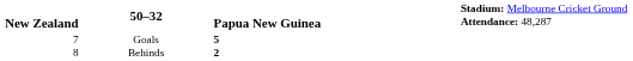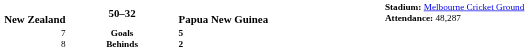 <table style="width: 100%; background: transparent;" cellspacing="0">
 <tr>
 <td align=center valign=top rowspan=3 width=15%></td>
 </tr>
 <tr>
 <td width=24% align=right><br><strong>New Zealand</strong></td>
 <td align=center width=13%><strong>50–32</strong></td>
 <td width=24%><br><strong>Papua New Guinea</strong></td>
 <td style=font-size:85% rowspan=2 valign=top><strong>Stadium:</strong> <a href='#'>Melbourne Cricket Ground</a><br> <strong>Attendance:</strong> 48,287</td>
 </tr>
 <tr style=font-size:85%>
 <td align=right valign=top>7<br> 8</td>
-<td align=center valign=top>Goals <br>Behinds</td>
+<td align=center valign=top><strong>Goals <br>Behinds</strong></td>
 <td valign=top><strong>5<br> 2</strong></td>
 </tr>
 </table>
